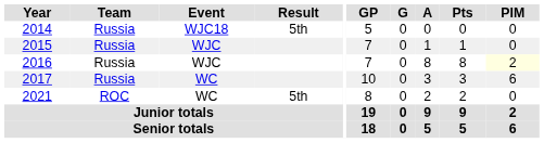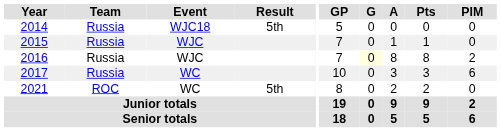 <table border="0" cellpadding="1" cellspacing="0" ID="Table3" style="text-align:center; width:40em;">
 <tr bgcolor="#e0e0e0">
 <th>Year</th>
 <th>Team</th>
 <th>Event</th>
 <th>Result</th>
 <th rowspan="99" bgcolor="#ffffff"></th>
 <th>GP</th>
 <th>G</th>
 <th>A</th>
 <th>Pts</th>
 <th>PIM</th>
 </tr>
 <tr>
 <td><a href='#'>2014</a></td>
 <td><a href='#'>Russia</a></td>
 <td><a href='#'>WJC18</a></td>
 <td>5th</td>
 <td>5</td>
 <td>0</td>
 <td>0</td>
 <td>0</td>
 <td>0</td>
 </tr>
 <tr bgcolor="#f0f0f0">
 <td><a href='#'>2015</a></td>
 <td><a href='#'>Russia</a></td>
 <td><a href='#'>WJC</a></td>
 <td></td>
 <td>7</td>
 <td>0</td>
 <td>1</td>
 <td>1</td>
 <td>0</td>
 </tr>
 <tr>
 <td><a href='#'>2016</a></td>
 <td>Russia</td>
 <td>WJC</td>
 <td></td>
 <td>7</td>
-<td>0</td>
+<td style="background: lightyellow;">0</td>
 <td>8</td>
 <td>8</td>
-<td style="background: lightyellow;">2</td>
+<td>2</td>
 </tr>
 <tr bgcolor="#f0f0f0">
 <td><a href='#'>2017</a></td>
 <td><a href='#'>Russia</a></td>
 <td><a href='#'>WC</a></td>
 <td></td>
 <td>10</td>
 <td>0</td>
 <td>3</td>
 <td>3</td>
 <td>6</td>
 </tr>
 <tr>
 <td><a href='#'>2021</a></td>
 <td><a href='#'>ROC</a></td>
 <td>WC</td>
 <td>5th</td>
 <td>8</td>
 <td>0</td>
 <td>2</td>
 <td>2</td>
 <td>0</td>
 </tr>
 <tr bgcolor="#e0e0e0">
 <th colspan="4">Junior totals</th>
 <th>19</th>
 <th>0</th>
 <th>9</th>
 <th>9</th>
 <th>2</th>
 </tr>
 <tr bgcolor="#e0e0e0">
 <th colspan="4">Senior totals</th>
 <th>18</th>
 <th>0</th>
 <th>5</th>
 <th>5</th>
 <th>6</th>
 </tr>
 </table>
